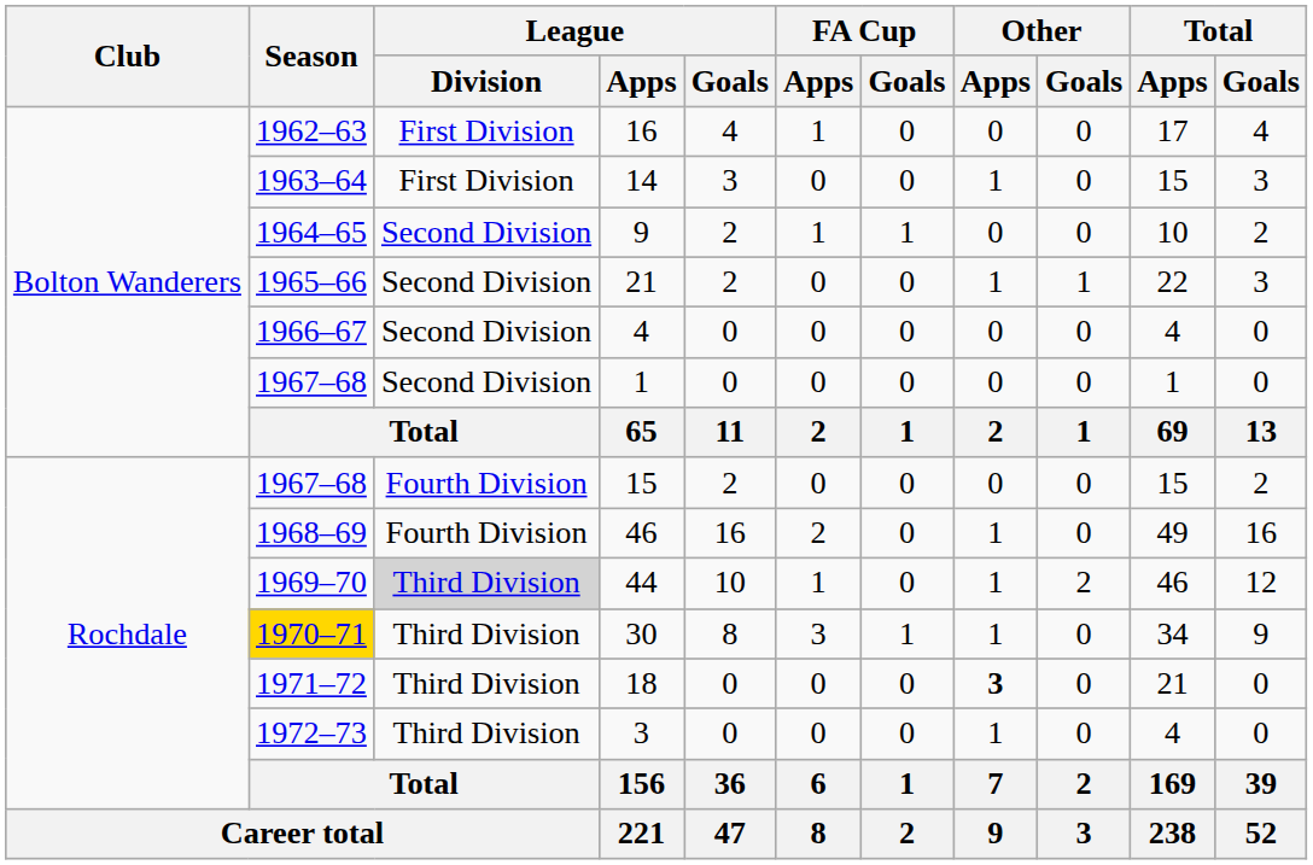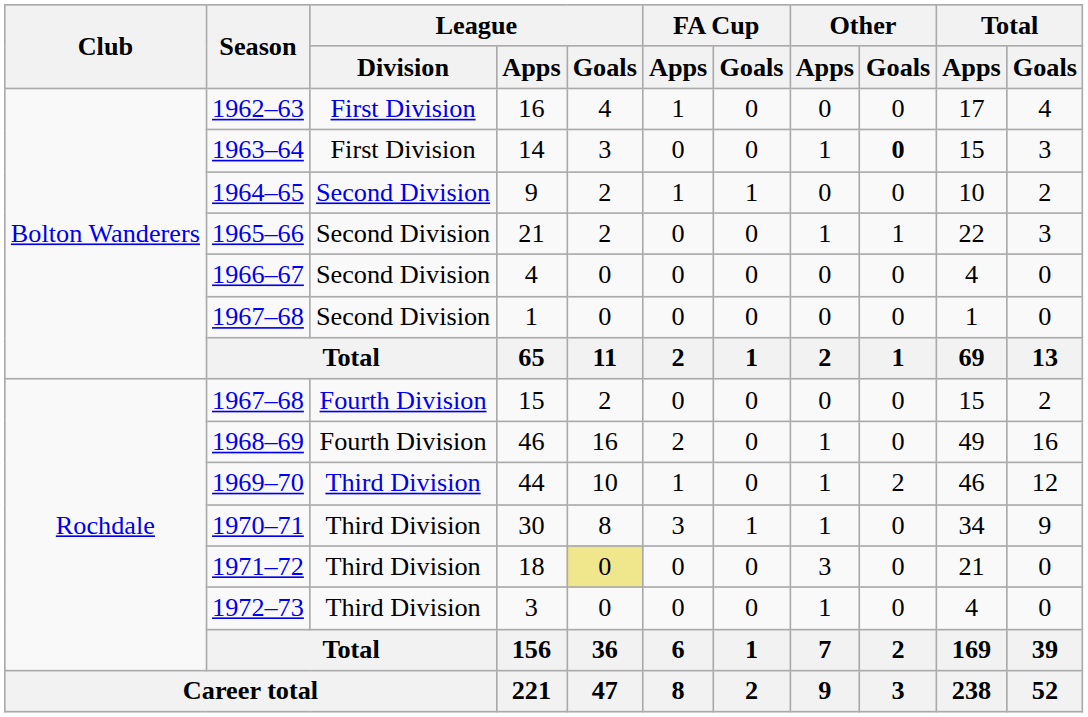 <table class="wikitable" style="text-align:center">
 <tr>
 <th rowspan="2">Club</th>
 <th rowspan="2">Season</th>
 <th colspan="3">League</th>
 <th colspan="2">FA Cup</th>
 <th colspan="2">Other</th>
 <th colspan="2">Total</th>
 </tr>
 <tr>
 <th>Division</th>
 <th>Apps</th>
 <th>Goals</th>
 <th>Apps</th>
 <th>Goals</th>
 <th>Apps</th>
 <th>Goals</th>
 <th>Apps</th>
 <th>Goals</th>
 </tr>
 <tr>
 <td rowspan="7"><a href='#'>Bolton Wanderers</a></td>
 <td><a href='#'>1962–63</a></td>
 <td><a href='#'>First Division</a></td>
 <td>16</td>
 <td>4</td>
 <td>1</td>
 <td>0</td>
 <td>0</td>
 <td>0</td>
 <td>17</td>
 <td>4</td>
 </tr>
 <tr>
 <td><a href='#'>1963–64</a></td>
 <td>First Division</td>
 <td>14</td>
 <td>3</td>
 <td>0</td>
 <td>0</td>
 <td>1</td>
-<td>0</td>
+<td><strong>0</strong></td>
 <td>15</td>
 <td>3</td>
 </tr>
 <tr>
 <td><a href='#'>1964–65</a></td>
 <td><a href='#'>Second Division</a></td>
 <td>9</td>
 <td>2</td>
 <td>1</td>
 <td>1</td>
 <td>0</td>
 <td>0</td>
 <td>10</td>
 <td>2</td>
 </tr>
 <tr>
 <td><a href='#'>1965–66</a></td>
 <td>Second Division</td>
 <td>21</td>
 <td>2</td>
 <td>0</td>
 <td>0</td>
 <td>1</td>
 <td>1</td>
 <td>22</td>
 <td>3</td>
 </tr>
 <tr>
 <td><a href='#'>1966–67</a></td>
 <td>Second Division</td>
 <td>4</td>
 <td>0</td>
 <td>0</td>
 <td>0</td>
 <td>0</td>
 <td>0</td>
 <td>4</td>
 <td>0</td>
 </tr>
 <tr>
 <td><a href='#'>1967–68</a></td>
 <td>Second Division</td>
 <td>1</td>
 <td>0</td>
 <td>0</td>
 <td>0</td>
 <td>0</td>
 <td>0</td>
 <td>1</td>
 <td>0</td>
 </tr>
 <tr>
 <th colspan="2">Total</th>
 <th>65</th>
 <th>11</th>
 <th>2</th>
 <th>1</th>
 <th>2</th>
 <th>1</th>
 <th>69</th>
 <th>13</th>
 </tr>
 <tr>
 <td rowspan="7"><a href='#'>Rochdale</a></td>
 <td><a href='#'>1967–68</a></td>
 <td><a href='#'>Fourth Division</a></td>
 <td>15</td>
 <td>2</td>
 <td>0</td>
 <td>0</td>
 <td>0</td>
 <td>0</td>
 <td>15</td>
 <td>2</td>
 </tr>
 <tr>
 <td><a href='#'>1968–69</a></td>
 <td>Fourth Division</td>
 <td>46</td>
 <td>16</td>
 <td>2</td>
 <td>0</td>
 <td>1</td>
 <td>0</td>
 <td>49</td>
 <td>16</td>
 </tr>
 <tr>
 <td><a href='#'>1969–70</a></td>
-<td style="background: lightgrey;"><a href='#'>Third Division</a></td>
+<td><a href='#'>Third Division</a></td>
 <td>44</td>
 <td>10</td>
 <td>1</td>
 <td>0</td>
 <td>1</td>
 <td>2</td>
 <td>46</td>
 <td>12</td>
 </tr>
 <tr>
-<td style="background: gold;"><a href='#'>1970–71</a></td>
+<td><a href='#'>1970–71</a></td>
 <td>Third Division</td>
 <td>30</td>
 <td>8</td>
 <td>3</td>
 <td>1</td>
 <td>1</td>
 <td>0</td>
 <td>34</td>
 <td>9</td>
 </tr>
 <tr>
 <td><a href='#'>1971–72</a></td>
 <td>Third Division</td>
 <td>18</td>
+<td style="background: khaki;">0</td>
 <td>0</td>
 <td>0</td>
-<td>0</td>
-<td><strong>3</strong></td>
+<td>3</td>
 <td>0</td>
 <td>21</td>
 <td>0</td>
 </tr>
 <tr>
 <td><a href='#'>1972–73</a></td>
 <td>Third Division</td>
 <td>3</td>
 <td>0</td>
 <td>0</td>
 <td>0</td>
 <td>1</td>
 <td>0</td>
 <td>4</td>
 <td>0</td>
 </tr>
 <tr>
 <th colspan="2">Total</th>
 <th>156</th>
 <th>36</th>
 <th>6</th>
 <th>1</th>
 <th>7</th>
 <th>2</th>
 <th>169</th>
 <th>39</th>
 </tr>
 <tr>
 <th colspan="3">Career total</th>
 <th>221</th>
 <th>47</th>
 <th>8</th>
 <th>2</th>
 <th>9</th>
 <th>3</th>
 <th>238</th>
 <th>52</th>
 </tr>
 </table>
